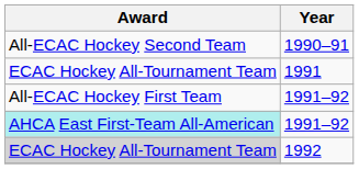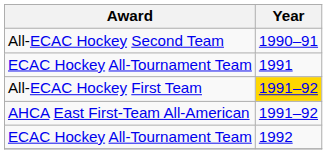 <table class="wikitable">
 <tr>
 <th>Award</th>
 <th>Year</th>
 </tr>
 <tr>
 <td>All-<a href='#'>ECAC Hockey</a> <a href='#'>Second Team</a></td>
 <td><a href='#'>1990–91</a></td>
 </tr>
 <tr>
 <td><a href='#'>ECAC Hockey</a> <a href='#'>All-Tournament Team</a></td>
 <td><a href='#'>1991</a></td>
 </tr>
 <tr>
 <td>All-<a href='#'>ECAC Hockey</a> <a href='#'>First Team</a></td>
+<td style="background: gold;"><a href='#'>1991–92</a></td>
+</tr>
+<tr>
+<td><a href='#'>AHCA</a> <a href='#'>East First-Team All-American</a></td>
 <td><a href='#'>1991–92</a></td>
 </tr>
 <tr>
-<td style="background: paleturquoise;"><a href='#'>AHCA</a> <a href='#'>East First-Team All-American</a></td>
-<td><a href='#'>1991–92</a></td>
-</tr>
-<tr>
-<td style="background: lightgrey;"><a href='#'>ECAC Hockey</a> <a href='#'>All-Tournament Team</a></td>
+<td><a href='#'>ECAC Hockey</a> <a href='#'>All-Tournament Team</a></td>
 <td><a href='#'>1992</a></td>
 </tr>
 <tr>
 </tr>
 </table>
